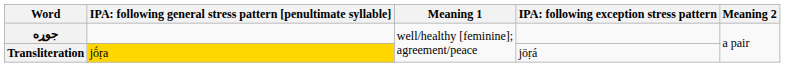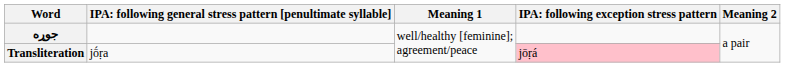 <table class="wikitable">
 <tr>
 <th>Word</th>
 <th>IPA: following general stress pattern [penultimate syllable]</th>
 <th>Meaning 1</th>
 <th>IPA: following exception stress pattern</th>
 <th>Meaning 2</th>
 </tr>
 <tr>
 <th>جوړه</th>
 <td></td>
 <td rowspan="2">well/healthy [feminine];<br>agreement/peace</td>
 <td></td>
 <td rowspan="2">a pair</td>
 </tr>
 <tr>
 <th>Transliteration</th>
-<td style="background: gold;">jṓṛa</td>
-<td>jōṛá</td>
+<td>jṓṛa</td>
+<td style="background: pink;">jōṛá</td>
 </tr>
 </table>
